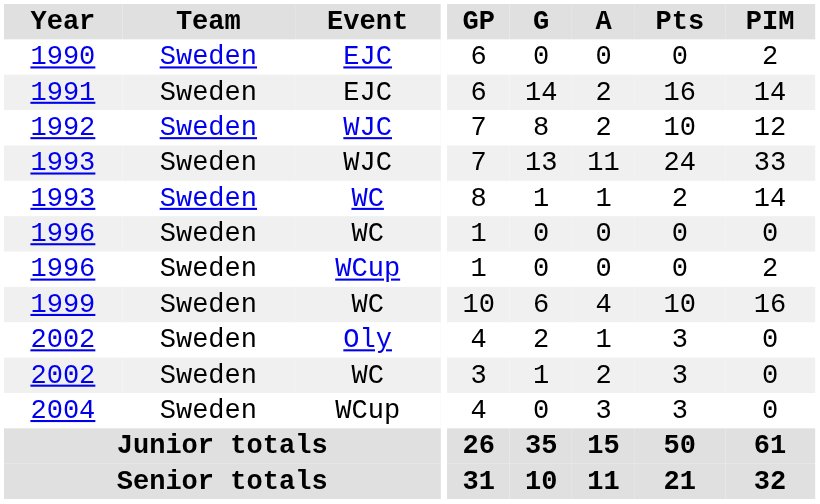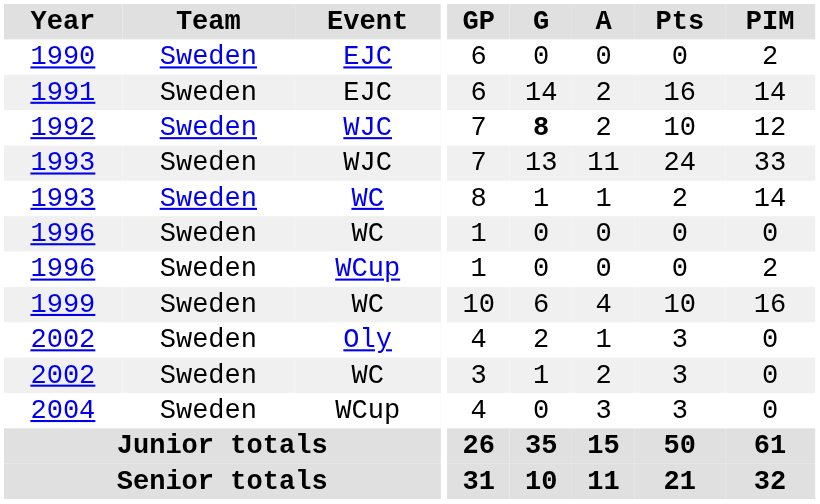 <table border="0" cellpadding="1" cellspacing="0" ID="Table3" style="text-align:center; width:30em">
 <tr bgcolor="#e0e0e0">
 <th>Year</th>
 <th>Team</th>
 <th>Event</th>
 <th rowspan="102" bgcolor="#ffffff"></th>
 <th>GP</th>
 <th>G</th>
 <th>A</th>
 <th>Pts</th>
 <th>PIM</th>
 </tr>
 <tr>
 <td><a href='#'>1990</a></td>
 <td><a href='#'>Sweden</a></td>
 <td><a href='#'>EJC</a></td>
 <td>6</td>
 <td>0</td>
 <td>0</td>
 <td>0</td>
 <td>2</td>
 </tr>
 <tr bgcolor="#f0f0f0">
 <td><a href='#'>1991</a></td>
 <td>Sweden</td>
 <td>EJC</td>
 <td>6</td>
 <td>14</td>
 <td>2</td>
 <td>16</td>
 <td>14</td>
 </tr>
 <tr>
 <td><a href='#'>1992</a></td>
 <td><a href='#'>Sweden</a></td>
 <td><a href='#'>WJC</a></td>
 <td>7</td>
-<td>8</td>
+<td><strong>8</strong></td>
 <td>2</td>
 <td>10</td>
 <td>12</td>
 </tr>
 <tr bgcolor="#f0f0f0">
 <td><a href='#'>1993</a></td>
 <td>Sweden</td>
 <td>WJC</td>
 <td>7</td>
 <td>13</td>
 <td>11</td>
 <td>24</td>
 <td>33</td>
 </tr>
 <tr>
 <td><a href='#'>1993</a></td>
 <td><a href='#'>Sweden</a></td>
 <td><a href='#'>WC</a></td>
 <td>8</td>
 <td>1</td>
 <td>1</td>
 <td>2</td>
 <td>14</td>
 </tr>
 <tr bgcolor="#f0f0f0">
 <td><a href='#'>1996</a></td>
 <td>Sweden</td>
 <td>WC</td>
 <td>1</td>
 <td>0</td>
 <td>0</td>
 <td>0</td>
 <td>0</td>
 </tr>
 <tr>
 <td><a href='#'>1996</a></td>
 <td>Sweden</td>
 <td><a href='#'>WCup</a></td>
 <td>1</td>
 <td>0</td>
 <td>0</td>
 <td>0</td>
 <td>2</td>
 </tr>
 <tr bgcolor="#f0f0f0">
 <td><a href='#'>1999</a></td>
 <td>Sweden</td>
 <td>WC</td>
 <td>10</td>
 <td>6</td>
 <td>4</td>
 <td>10</td>
 <td>16</td>
 </tr>
 <tr>
 <td><a href='#'>2002</a></td>
 <td>Sweden</td>
 <td><a href='#'>Oly</a></td>
 <td>4</td>
 <td>2</td>
 <td>1</td>
 <td>3</td>
 <td>0</td>
 </tr>
 <tr bgcolor="#f0f0f0">
 <td><a href='#'>2002</a></td>
 <td>Sweden</td>
 <td>WC</td>
 <td>3</td>
 <td>1</td>
 <td>2</td>
 <td>3</td>
 <td>0</td>
 </tr>
 <tr>
 <td><a href='#'>2004</a></td>
 <td>Sweden</td>
 <td>WCup</td>
 <td>4</td>
 <td>0</td>
 <td>3</td>
 <td>3</td>
 <td>0</td>
 </tr>
 <tr bgcolor="#e0e0e0">
 <th colspan="3">Junior totals</th>
 <th>26</th>
 <th>35</th>
 <th>15</th>
 <th>50</th>
 <th>61</th>
 </tr>
 <tr bgcolor="#e0e0e0">
 <th colspan="3">Senior totals</th>
 <th>31</th>
 <th>10</th>
 <th>11</th>
 <th>21</th>
 <th>32</th>
 </tr>
 </table>
